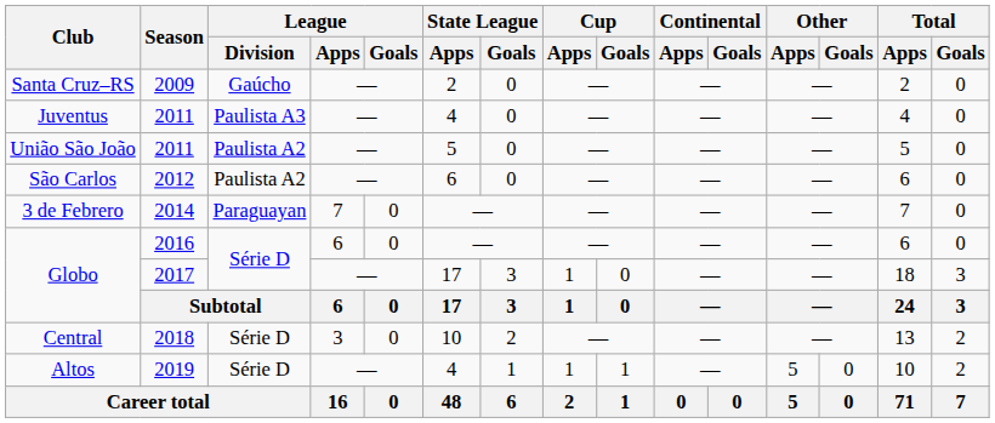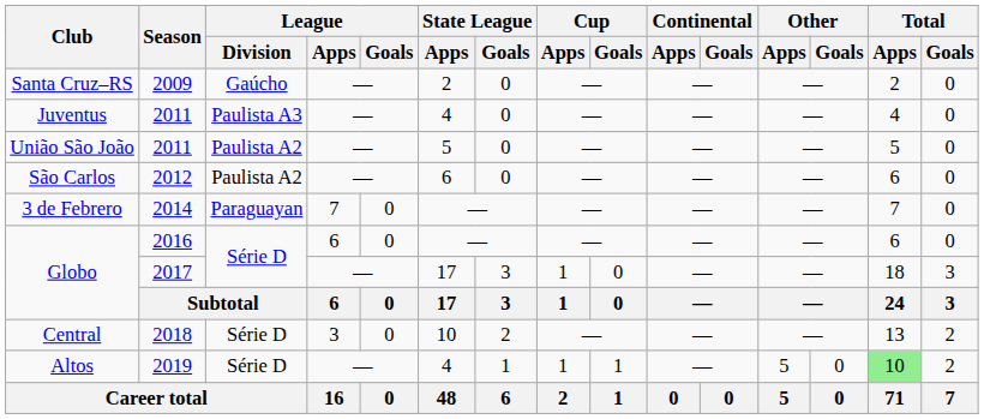 <table class="wikitable" style="text-align: center;">
 <tr>
 <th rowspan="2">Club</th>
 <th rowspan="2">Season</th>
 <th colspan="3">League</th>
 <th colspan="2">State League</th>
 <th colspan="2">Cup</th>
 <th colspan="2">Continental</th>
 <th colspan="2">Other</th>
 <th colspan="2">Total</th>
 </tr>
 <tr>
 <th>Division</th>
 <th>Apps</th>
 <th>Goals</th>
 <th>Apps</th>
 <th>Goals</th>
 <th>Apps</th>
 <th>Goals</th>
 <th>Apps</th>
 <th>Goals</th>
 <th>Apps</th>
 <th>Goals</th>
 <th>Apps</th>
 <th>Goals</th>
 </tr>
 <tr>
 <td align="center"><a href='#'>Santa Cruz–RS</a></td>
 <td><a href='#'>2009</a></td>
 <td><a href='#'>Gaúcho</a></td>
 <td colspan="2">—</td>
 <td>2</td>
 <td>0</td>
 <td colspan="2">—</td>
 <td colspan="2">—</td>
 <td colspan="2">—</td>
 <td>2</td>
 <td>0</td>
 </tr>
 <tr>
 <td align="center"><a href='#'>Juventus</a></td>
 <td><a href='#'>2011</a></td>
 <td><a href='#'>Paulista A3</a></td>
 <td colspan="2">—</td>
 <td>4</td>
 <td>0</td>
 <td colspan="2">—</td>
 <td colspan="2">—</td>
 <td colspan="2">—</td>
 <td>4</td>
 <td>0</td>
 </tr>
 <tr>
 <td align="center"><a href='#'>União São João</a></td>
 <td><a href='#'>2011</a></td>
 <td><a href='#'>Paulista A2</a></td>
 <td colspan="2">—</td>
 <td>5</td>
 <td>0</td>
 <td colspan="2">—</td>
 <td colspan="2">—</td>
 <td colspan="2">—</td>
 <td>5</td>
 <td>0</td>
 </tr>
 <tr>
 <td align="center"><a href='#'>São Carlos</a></td>
 <td><a href='#'>2012</a></td>
 <td>Paulista A2</td>
 <td colspan="2">—</td>
 <td>6</td>
 <td>0</td>
 <td colspan="2">—</td>
 <td colspan="2">—</td>
 <td colspan="2">—</td>
 <td>6</td>
 <td>0</td>
 </tr>
 <tr>
 <td align="center"><a href='#'>3 de Febrero</a></td>
 <td><a href='#'>2014</a></td>
 <td><a href='#'>Paraguayan</a></td>
 <td>7</td>
 <td>0</td>
 <td colspan="2">—</td>
 <td colspan="2">—</td>
 <td colspan="2">—</td>
 <td colspan="2">—</td>
 <td>7</td>
 <td>0</td>
 </tr>
 <tr>
 <td rowspan=3 align="center"><a href='#'>Globo</a></td>
 <td><a href='#'>2016</a></td>
 <td rowspan=2><a href='#'>Série D</a></td>
 <td>6</td>
 <td>0</td>
 <td colspan="2">—</td>
 <td colspan="2">—</td>
 <td colspan="2">—</td>
 <td colspan="2">—</td>
 <td>6</td>
 <td>0</td>
 </tr>
 <tr>
 <td><a href='#'>2017</a></td>
 <td colspan="2">—</td>
 <td>17</td>
 <td>3</td>
 <td>1</td>
 <td>0</td>
 <td colspan="2">—</td>
 <td colspan="2">—</td>
 <td>18</td>
 <td>3</td>
 </tr>
 <tr>
 <th colspan="2">Subtotal</th>
 <th>6</th>
 <th>0</th>
 <th>17</th>
 <th>3</th>
 <th>1</th>
 <th>0</th>
 <th colspan="2">—</th>
 <th colspan="2">—</th>
 <th>24</th>
 <th>3</th>
 </tr>
 <tr>
 <td align="center"><a href='#'>Central</a></td>
 <td><a href='#'>2018</a></td>
 <td>Série D</td>
 <td>3</td>
 <td>0</td>
 <td>10</td>
 <td>2</td>
 <td colspan="2">—</td>
 <td colspan="2">—</td>
 <td colspan="2">—</td>
 <td>13</td>
 <td>2</td>
 </tr>
 <tr>
 <td align="center"><a href='#'>Altos</a></td>
 <td><a href='#'>2019</a></td>
 <td>Série D</td>
 <td colspan="2">—</td>
 <td>4</td>
 <td>1</td>
 <td>1</td>
 <td>1</td>
 <td colspan="2">—</td>
 <td>5</td>
 <td>0</td>
-<td>10</td>
+<td style="background: lightgreen;">10</td>
 <td>2</td>
 </tr>
 <tr>
 <th colspan="3"><strong>Career total</strong></th>
 <th>16</th>
 <th>0</th>
 <th>48</th>
 <th>6</th>
 <th>2</th>
 <th>1</th>
 <th>0</th>
 <th>0</th>
 <th>5</th>
 <th>0</th>
 <th>71</th>
 <th>7</th>
 </tr>
 </table>
